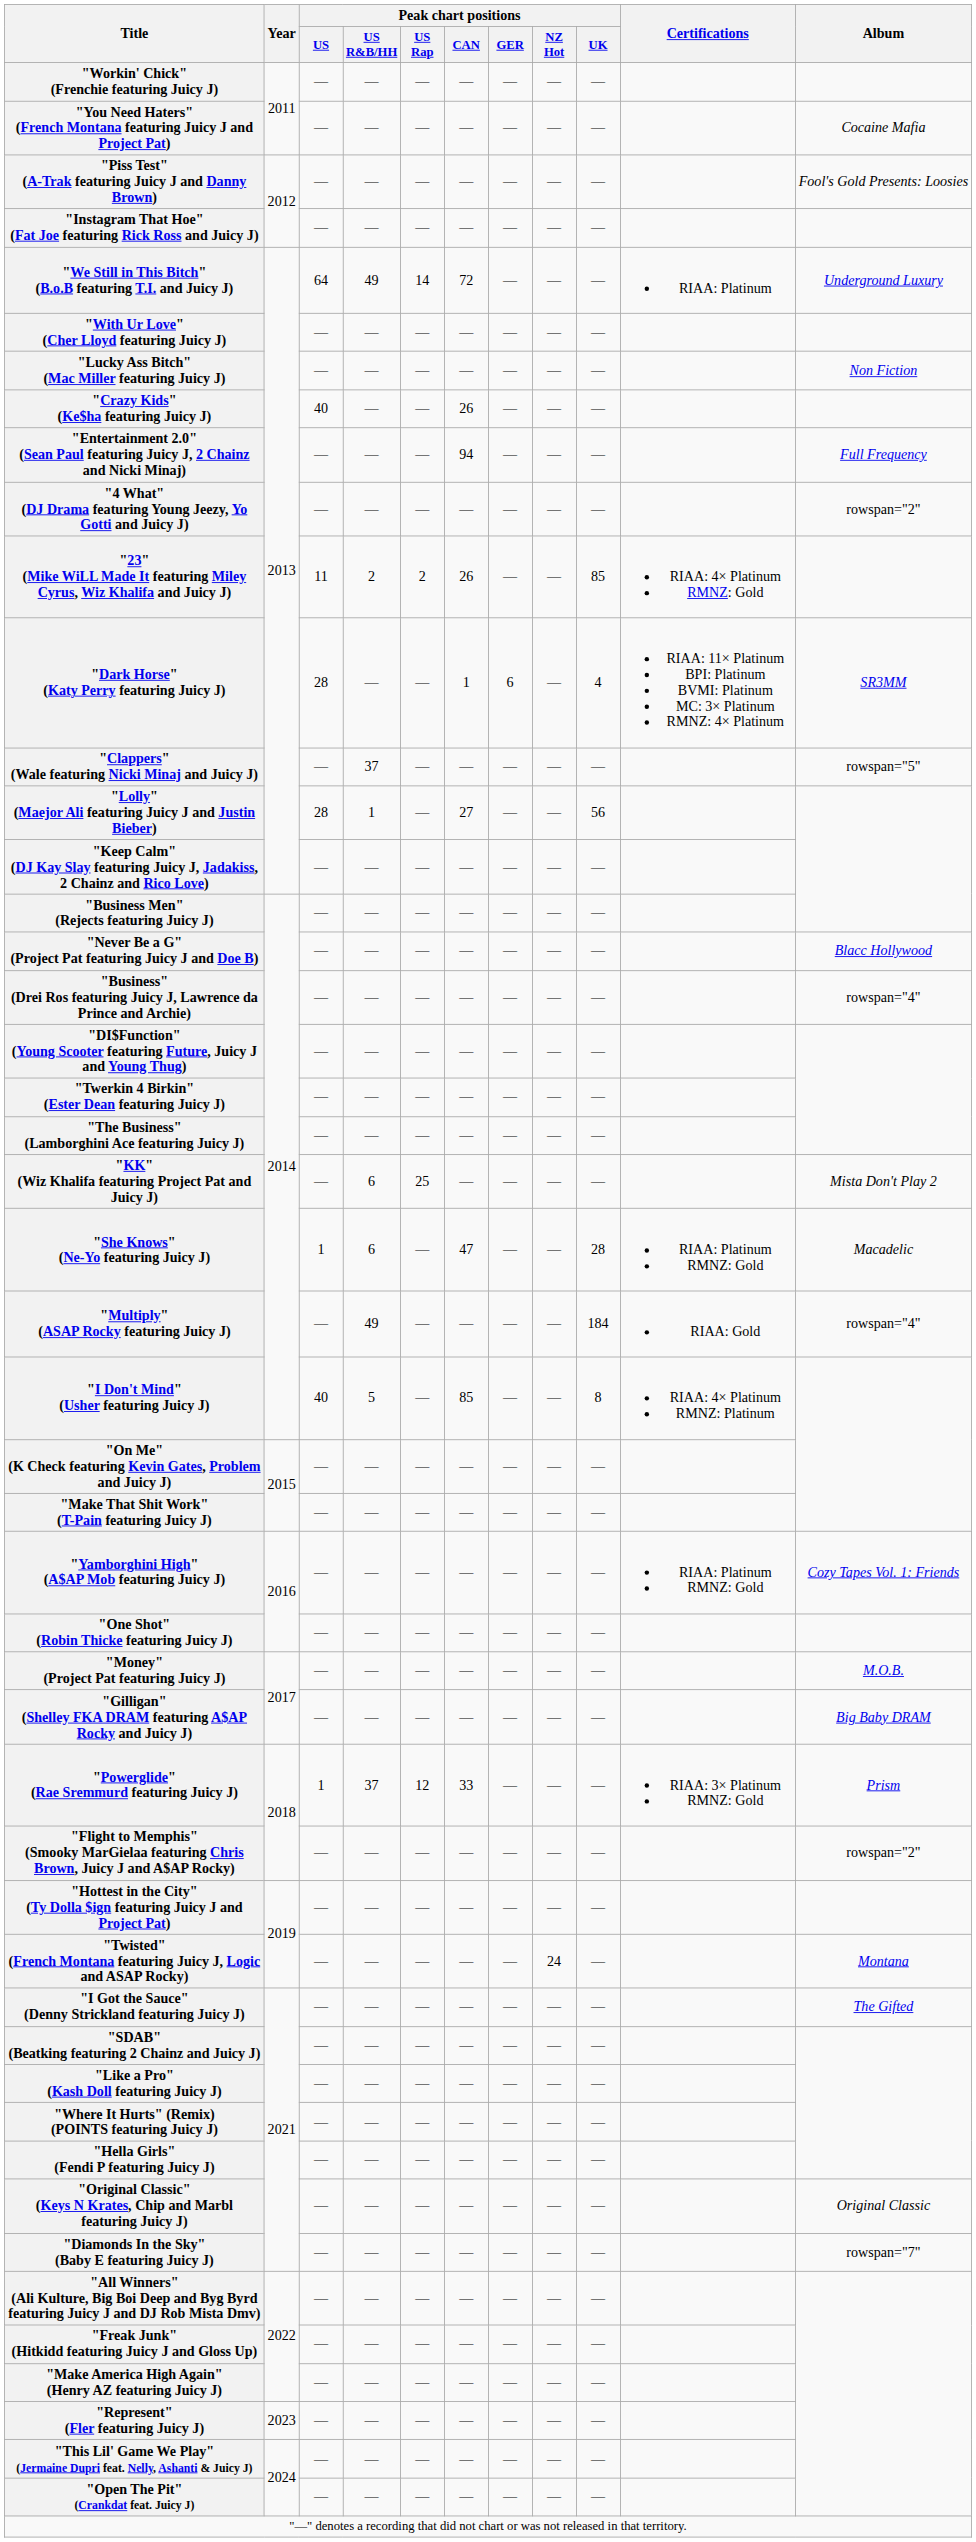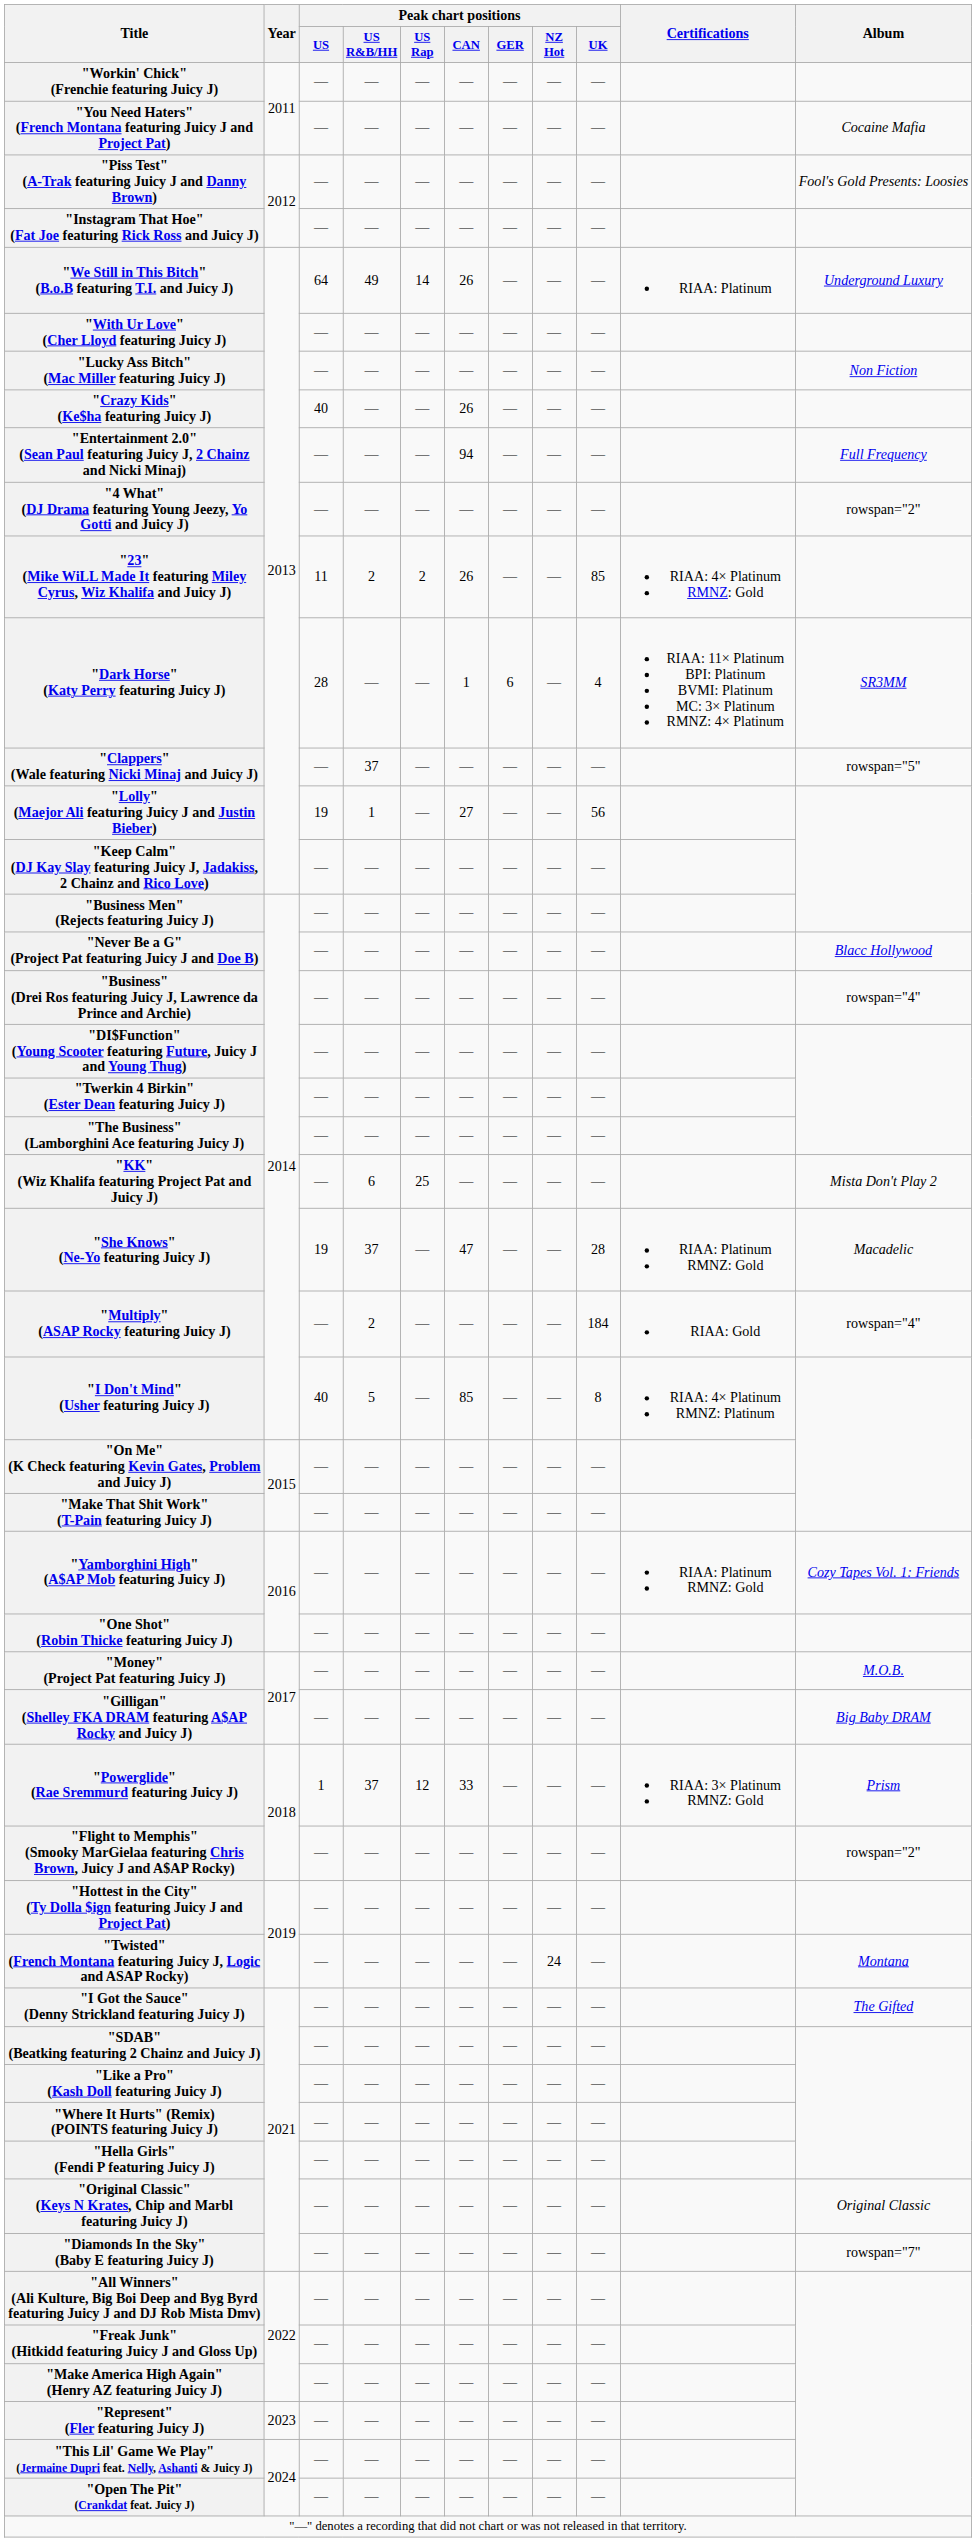 <table class="wikitable plainrowheaders" style="text-align:center;">
 <tr>
 <th scope="col" rowspan="2" style="width:18em;">Title</th>
 <th scope="col" rowspan="2">Year</th>
 <th scope="col" colspan="7">Peak chart positions</th>
 <th scope="col" rowspan="2" style="width:12em;"><a href='#'>Certifications</a></th>
 <th scope="col" rowspan="2">Album</th>
 </tr>
 <tr>
 <th scope="col" style="width:3em;font-size:90%;"><a href='#'>US</a><br></th>
 <th scope="col" style="width:3em;font-size:90%;"><a href='#'>US<br>R&B/HH</a></th>
 <th scope="col" style="width:3em;font-size:90%;"><a href='#'>US<br>Rap</a><br></th>
 <th scope="col" style="width:3em;font-size:90%;"><a href='#'>CAN</a><br></th>
 <th scope="col" style="width:3em;font-size:90%;"><a href='#'>GER</a></th>
 <th scope="col" style="width:3em;font-size:90%;"><a href='#'>NZ<br>Hot</a><br></th>
 <th scope="col" style="width:3em;font-size:90%;"><a href='#'>UK</a></th>
 </tr>
 <tr>
 <th scope="row">"Workin' Chick"<br><span>(Frenchie featuring Juicy J)</span></th>
 <td rowspan="2">2011</td>
 <td>—</td>
 <td>—</td>
 <td>—</td>
 <td>—</td>
 <td>—</td>
 <td>—</td>
 <td>—</td>
 <td></td>
 <td></td>
 </tr>
 <tr>
 <th scope="row">"You Need Haters"<br><span>(<a href='#'>French Montana</a> featuring Juicy J and <a href='#'>Project Pat</a>)</span></th>
 <td>—</td>
 <td>—</td>
 <td>—</td>
 <td>—</td>
 <td>—</td>
 <td>—</td>
 <td>—</td>
 <td></td>
 <td><em>Cocaine Mafia</em></td>
 </tr>
 <tr>
 <th scope="row">"Piss Test"<br><span>(<a href='#'>A-Trak</a> featuring Juicy J and <a href='#'>Danny Brown</a>)</span></th>
 <td rowspan="2">2012</td>
 <td>—</td>
 <td>—</td>
 <td>—</td>
 <td>—</td>
 <td>—</td>
 <td>—</td>
 <td>—</td>
 <td></td>
 <td><em>Fool's Gold Presents: Loosies</em></td>
 </tr>
 <tr>
 <th scope="row">"Instagram That Hoe"<br><span>(<a href='#'>Fat Joe</a> featuring <a href='#'>Rick Ross</a> and Juicy J)</span></th>
 <td>—</td>
 <td>—</td>
 <td>—</td>
 <td>—</td>
 <td>—</td>
 <td>—</td>
 <td>—</td>
 <td></td>
 <td></td>
 </tr>
 <tr>
 <th scope="row">"<a href='#'>We Still in This Bitch</a>"<br><span>(<a href='#'>B.o.B</a> featuring <a href='#'>T.I.</a> and Juicy J)</span></th>
 <td rowspan="11">2013</td>
 <td>64</td>
 <td>49</td>
 <td>14</td>
-<td>72</td>
+<td>26</td>
 <td>—</td>
 <td>—</td>
 <td>—</td>
 <td><br><ul><li>RIAA: Platinum</li></ul></td>
 <td><em><a href='#'>Underground Luxury</a></em></td>
 </tr>
 <tr>
 <th scope="row">"<a href='#'>With Ur Love</a>"<br><span>(<a href='#'>Cher Lloyd</a> featuring Juicy J)</span></th>
 <td>—</td>
 <td>—</td>
 <td>—</td>
 <td>—</td>
 <td>—</td>
 <td>—</td>
 <td>—</td>
 <td></td>
 <td></td>
 </tr>
 <tr>
 <th scope="row">"Lucky Ass Bitch"<br><span>(<a href='#'>Mac Miller</a> featuring Juicy J)</span></th>
 <td>—</td>
 <td>—</td>
 <td>—</td>
 <td>—</td>
 <td>—</td>
 <td>—</td>
 <td>—</td>
 <td></td>
 <td><em><a href='#'>Non Fiction</a></em></td>
 </tr>
 <tr>
 <th scope="row">"<a href='#'>Crazy Kids</a>"<br><span>(<a href='#'>Ke$ha</a> featuring Juicy J)</span></th>
 <td>40</td>
 <td>—</td>
 <td>—</td>
 <td>26</td>
 <td>—</td>
 <td>—</td>
 <td>—</td>
 <td></td>
 <td></td>
 </tr>
 <tr>
 <th scope="row">"Entertainment 2.0"<br><span>(<a href='#'>Sean Paul</a> featuring Juicy J, <a href='#'>2 Chainz</a> and Nicki Minaj)</span></th>
 <td>—</td>
 <td>—</td>
 <td>—</td>
 <td>94</td>
 <td>—</td>
 <td>—</td>
 <td>—</td>
 <td></td>
 <td><em><a href='#'>Full Frequency</a></em></td>
 </tr>
 <tr>
 <th scope="row">"4 What"<br><span>(<a href='#'>DJ Drama</a> featuring Young Jeezy, <a href='#'>Yo Gotti</a> and Juicy J)</span></th>
 <td>—</td>
 <td>—</td>
 <td>—</td>
 <td>—</td>
 <td>—</td>
 <td>—</td>
 <td>—</td>
 <td></td>
 <td>rowspan="2" </td>
 </tr>
 <tr>
 <th scope="row">"<a href='#'>23</a>"<br><span>(<a href='#'>Mike WiLL Made It</a> featuring <a href='#'>Miley Cyrus</a>, <a href='#'>Wiz Khalifa</a> and Juicy J)</span></th>
 <td>11</td>
 <td>2</td>
 <td>2</td>
 <td>26</td>
 <td>—</td>
 <td>—</td>
 <td>85</td>
 <td><br><ul><li>RIAA: 4× Platinum</li><li><a href='#'>RMNZ</a>: Gold</li></ul></td>
 </tr>
 <tr>
 <th scope="row">"<a href='#'>Dark Horse</a>"<br><span>(<a href='#'>Katy Perry</a> featuring Juicy J)</span></th>
 <td>28</td>
 <td>—</td>
 <td>—</td>
 <td>1</td>
 <td>6</td>
 <td>—</td>
 <td>4</td>
 <td><br><ul><li>RIAA: 11× Platinum</li><li>BPI: Platinum</li><li>BVMI: Platinum</li><li>MC: 3× Platinum</li><li>RMNZ: 4× Platinum</li></ul></td>
 <td><em><a href='#'>SR3MM</a></em></td>
 </tr>
 <tr>
 <th scope="row">"<a href='#'>Clappers</a>"<br><span>(Wale featuring <a href='#'>Nicki Minaj</a> and Juicy J)</span></th>
 <td>—</td>
 <td>37</td>
 <td>—</td>
 <td>—</td>
 <td>—</td>
 <td>—</td>
 <td>—</td>
 <td></td>
 <td>rowspan="5" </td>
 </tr>
 <tr>
 <th scope="row">"<a href='#'>Lolly</a>"<br><span>(<a href='#'>Maejor Ali</a> featuring Juicy J and <a href='#'>Justin Bieber</a>)</span></th>
-<td>28</td>
+<td>19</td>
 <td>1</td>
 <td>—</td>
 <td>27</td>
 <td>—</td>
 <td>—</td>
 <td>56</td>
 <td></td>
 <td rowspan="3"></td>
 </tr>
 <tr>
 <th scope="row">"Keep Calm"<br><span>(<a href='#'>DJ Kay Slay</a> featuring Juicy J, <a href='#'>Jadakiss</a>, 2 Chainz and <a href='#'>Rico Love</a>)</span></th>
 <td>—</td>
 <td>—</td>
 <td>—</td>
 <td>—</td>
 <td>—</td>
 <td>—</td>
 <td>—</td>
 <td></td>
 </tr>
 <tr>
 <th scope="row">"Business Men"<br><span>(Rejects featuring Juicy J)</span></th>
 <td rowspan="10">2014</td>
 <td>—</td>
 <td>—</td>
 <td>—</td>
 <td>—</td>
 <td>—</td>
 <td>—</td>
 <td>—</td>
 <td></td>
 </tr>
 <tr>
 <th scope="row">"Never Be a G"<br><span>(Project Pat featuring Juicy J and <a href='#'>Doe B</a>)</span></th>
 <td>—</td>
 <td>—</td>
 <td>—</td>
 <td>—</td>
 <td>—</td>
 <td>—</td>
 <td>—</td>
 <td></td>
 <td><em><a href='#'>Blacc Hollywood</a></em></td>
 </tr>
 <tr>
 <th scope="row">"Business"<br><span>(Drei Ros featuring Juicy J, Lawrence da Prince and Archie)</span></th>
 <td>—</td>
 <td>—</td>
 <td>—</td>
 <td>—</td>
 <td>—</td>
 <td>—</td>
 <td>—</td>
 <td></td>
 <td>rowspan="4" </td>
 </tr>
 <tr>
 <th scope="row">"DI$Function"<br><span>(<a href='#'>Young Scooter</a> featuring <a href='#'>Future</a>, Juicy J and <a href='#'>Young Thug</a>)</span></th>
 <td>—</td>
 <td>—</td>
 <td>—</td>
 <td>—</td>
 <td>—</td>
 <td>—</td>
 <td>—</td>
 <td></td>
 </tr>
 <tr>
 <th scope="row">"Twerkin 4 Birkin"<br><span>(<a href='#'>Ester Dean</a> featuring Juicy J)</span></th>
 <td>—</td>
 <td>—</td>
 <td>—</td>
 <td>—</td>
 <td>—</td>
 <td>—</td>
 <td>—</td>
 <td></td>
 </tr>
 <tr>
 <th scope="row">"The Business"<br><span>(Lamborghini Ace featuring Juicy J)</span></th>
 <td>—</td>
 <td>—</td>
 <td>—</td>
 <td>—</td>
 <td>—</td>
 <td>—</td>
 <td>—</td>
 <td></td>
 </tr>
 <tr>
 <th scope="row">"<a href='#'>KK</a>"<br><span>(Wiz Khalifa featuring Project Pat and Juicy J)</span></th>
 <td>—</td>
 <td>6</td>
 <td>25</td>
 <td>—</td>
 <td>—</td>
 <td>—</td>
 <td>—</td>
 <td></td>
 <td><em>Mista Don't Play 2</em></td>
 </tr>
 <tr>
 <th scope="row">"<a href='#'>She Knows</a>"<br><span>(<a href='#'>Ne-Yo</a> featuring Juicy J)</span></th>
-<td>1</td>
-<td>6</td>
+<td>19</td>
+<td>37</td>
 <td>—</td>
 <td>47</td>
 <td>—</td>
 <td>—</td>
 <td>28</td>
 <td><br><ul><li>RIAA: Platinum</li><li>RMNZ: Gold</li></ul></td>
 <td><em>Macadelic</em></td>
 </tr>
 <tr>
 <th scope="row">"<a href='#'>Multiply</a>"<br><span>(<a href='#'>ASAP Rocky</a> featuring Juicy J)</span></th>
 <td>—</td>
-<td>49</td>
+<td>2</td>
 <td>—</td>
 <td>—</td>
 <td>—</td>
 <td>—</td>
 <td>184</td>
 <td><br><ul><li>RIAA: Gold</li></ul></td>
 <td>rowspan="4" </td>
 </tr>
 <tr>
 <th scope="row">"<a href='#'>I Don't Mind</a>"<br><span>(<a href='#'>Usher</a> featuring Juicy J)</span></th>
 <td>40</td>
 <td>5</td>
 <td>—</td>
 <td>85</td>
 <td>—</td>
 <td>—</td>
 <td>8</td>
 <td><br><ul><li>RIAA: 4× Platinum</li><li>RMNZ: Platinum</li></ul></td>
 </tr>
 <tr>
 <th scope="row">"On Me"<br><span>(K Check featuring <a href='#'>Kevin Gates</a>, <a href='#'>Problem</a> and Juicy J)</span></th>
 <td rowspan="2">2015</td>
 <td>—</td>
 <td>—</td>
 <td>—</td>
 <td>—</td>
 <td>—</td>
 <td>—</td>
 <td>—</td>
 <td></td>
 </tr>
 <tr>
 <th scope="row">"Make That Shit Work"<br><span>(<a href='#'>T-Pain</a> featuring Juicy J)</span></th>
 <td>—</td>
 <td>—</td>
 <td>—</td>
 <td>—</td>
 <td>—</td>
 <td>—</td>
 <td>—</td>
 <td></td>
 </tr>
 <tr>
 <th scope="row">"<a href='#'>Yamborghini High</a>"<br><span>(<a href='#'>A$AP Mob</a> featuring Juicy J)</span></th>
 <td rowspan="2">2016</td>
 <td>—</td>
 <td>—</td>
 <td>—</td>
 <td>—</td>
 <td>—</td>
 <td>—</td>
 <td>—</td>
 <td><br><ul><li>RIAA: Platinum</li><li>RMNZ: Gold</li></ul></td>
 <td><em><a href='#'>Cozy Tapes Vol. 1: Friends</a></em></td>
 </tr>
 <tr>
 <th scope="row">"One Shot"<br><span>(<a href='#'>Robin Thicke</a> featuring Juicy J)</span></th>
 <td>—</td>
 <td>—</td>
 <td>—</td>
 <td>—</td>
 <td>—</td>
 <td>—</td>
 <td>—</td>
 <td></td>
 <td></td>
 </tr>
 <tr>
 <th scope="row">"Money"<br><span>(Project Pat featuring Juicy J)</span></th>
 <td rowspan="2">2017</td>
 <td>—</td>
 <td>—</td>
 <td>—</td>
 <td>—</td>
 <td>—</td>
 <td>—</td>
 <td>—</td>
 <td></td>
 <td><em><a href='#'>M.O.B.</a></em></td>
 </tr>
 <tr>
 <th scope="row">"Gilligan"<br><span>(<a href='#'>Shelley FKA DRAM</a> featuring <a href='#'>A$AP Rocky</a> and Juicy J)</span></th>
 <td>—</td>
 <td>—</td>
 <td>—</td>
 <td>—</td>
 <td>—</td>
 <td>—</td>
 <td>—</td>
 <td></td>
 <td><em><a href='#'>Big Baby DRAM</a></em></td>
 </tr>
 <tr>
 <th scope="row">"<a href='#'>Powerglide</a>"<br><span>(<a href='#'>Rae Sremmurd</a> featuring Juicy J)</span></th>
 <td rowspan="2">2018</td>
 <td>1</td>
 <td>37</td>
 <td>12</td>
 <td>33</td>
 <td>—</td>
 <td>—</td>
 <td>—</td>
 <td><br><ul><li>RIAA: 3× Platinum</li><li>RMNZ: Gold</li></ul></td>
 <td><em><a href='#'>Prism</a></em></td>
 </tr>
 <tr>
 <th scope="row">"Flight to Memphis"<br><span>(Smooky MarGielaa featuring <a href='#'>Chris Brown</a>, Juicy J and A$AP Rocky)</span></th>
 <td>—</td>
 <td>—</td>
 <td>—</td>
 <td>—</td>
 <td>—</td>
 <td>—</td>
 <td>—</td>
 <td></td>
 <td>rowspan="2" </td>
 </tr>
 <tr>
 <th scope="row">"Hottest in the City"<br><span>(<a href='#'>Ty Dolla $ign</a> featuring Juicy J and <a href='#'>Project Pat</a>)</span></th>
 <td rowspan="2">2019</td>
 <td>—</td>
 <td>—</td>
 <td>—</td>
 <td>—</td>
 <td>—</td>
 <td>—</td>
 <td>—</td>
 <td></td>
 </tr>
 <tr>
 <th scope="row">"Twisted"<br><span>(<a href='#'>French Montana</a> featuring Juicy J, <a href='#'>Logic</a> and ASAP Rocky)</span></th>
 <td>—</td>
 <td>—</td>
 <td>—</td>
 <td>—</td>
 <td>—</td>
 <td>24</td>
 <td>—</td>
 <td></td>
 <td><em><a href='#'>Montana</a></em></td>
 </tr>
 <tr>
 <th scope="row">"I Got the Sauce"<br><span>(Denny Strickland featuring Juicy J)</span></th>
 <td rowspan="7">2021</td>
 <td>—</td>
 <td>—</td>
 <td>—</td>
 <td>—</td>
 <td>—</td>
 <td>—</td>
 <td>—</td>
 <td></td>
 <td><em><a href='#'>The Gifted</a></em></td>
 </tr>
 <tr>
 <th scope="row">"SDAB"<br><span>(Beatking featuring 2 Chainz and Juicy J)</span></th>
 <td>—</td>
 <td>—</td>
 <td>—</td>
 <td>—</td>
 <td>—</td>
 <td>—</td>
 <td>—</td>
 <td></td>
 </tr>
 <tr>
 <th scope="row">"Like a Pro"<br><span>(<a href='#'>Kash Doll</a> featuring Juicy J)</span></th>
 <td>—</td>
 <td>—</td>
 <td>—</td>
 <td>—</td>
 <td>—</td>
 <td>—</td>
 <td>—</td>
 <td></td>
 </tr>
 <tr>
 <th scope="row">"Where It Hurts" (Remix)<br><span>(POINTS featuring Juicy J)</span></th>
 <td>—</td>
 <td>—</td>
 <td>—</td>
 <td>—</td>
 <td>—</td>
 <td>—</td>
 <td>—</td>
 <td></td>
 </tr>
 <tr>
 <th scope="row">"Hella Girls"<br><span>(Fendi P featuring Juicy J)</span></th>
 <td>—</td>
 <td>—</td>
 <td>—</td>
 <td>—</td>
 <td>—</td>
 <td>—</td>
 <td>—</td>
 <td></td>
 </tr>
 <tr>
 <th scope="row">"Original Classic"<br><span>(<a href='#'>Keys N Krates</a>, Chip and Marbl featuring Juicy J)</span></th>
 <td>—</td>
 <td>—</td>
 <td>—</td>
 <td>—</td>
 <td>—</td>
 <td>—</td>
 <td>—</td>
 <td></td>
 <td><em>Original Classic</em></td>
 </tr>
 <tr>
 <th scope="row">"Diamonds In the Sky"<br><span>(Baby E featuring Juicy J)</span></th>
 <td>—</td>
 <td>—</td>
 <td>—</td>
 <td>—</td>
 <td>—</td>
 <td>—</td>
 <td>—</td>
 <td></td>
 <td>rowspan="7" </td>
 </tr>
 <tr>
 <th scope="row">"All Winners"<br><span>(Ali Kulture, Big Boi Deep and Byg Byrd featuring Juicy J and DJ Rob Mista Dmv)</span></th>
 <td rowspan="3">2022</td>
 <td>—</td>
 <td>—</td>
 <td>—</td>
 <td>—</td>
 <td>—</td>
 <td>—</td>
 <td>—</td>
 <td></td>
 </tr>
 <tr>
 <th scope="row">"Freak Junk"<br><span>(Hitkidd featuring Juicy J and Gloss Up)</span></th>
 <td>—</td>
 <td>—</td>
 <td>—</td>
 <td>—</td>
 <td>—</td>
 <td>—</td>
 <td>—</td>
 <td></td>
 </tr>
 <tr>
 <th scope="row">"Make America High Again"<br><span>(Henry AZ featuring Juicy J)</span></th>
 <td>—</td>
 <td>—</td>
 <td>—</td>
 <td>—</td>
 <td>—</td>
 <td>—</td>
 <td>—</td>
 <td></td>
 </tr>
 <tr>
 <th scope="row">"Represent"<br><span>(<a href='#'>Fler</a> featuring Juicy J)</span></th>
 <td>2023</td>
 <td>—</td>
 <td>—</td>
 <td>—</td>
 <td>—</td>
 <td>—</td>
 <td>—</td>
 <td>—</td>
 <td></td>
 </tr>
 <tr>
 <th scope="row">"This Lil' Game We Play" <br><small>(<a href='#'>Jermaine Dupri</a> feat. <a href='#'>Nelly</a>, <a href='#'>Ashanti</a> & Juicy J)</small></th>
 <td rowspan="2">2024</td>
 <td>—</td>
 <td>—</td>
 <td>—</td>
 <td>—</td>
 <td>—</td>
 <td>—</td>
 <td>—</td>
 <td></td>
 </tr>
 <tr>
 <th scope="row">"Open The Pit" <br><small>(<a href='#'>Crankdat</a> feat. Juicy J)</small></th>
 <td>—</td>
 <td>—</td>
 <td>—</td>
 <td>—</td>
 <td>—</td>
 <td>—</td>
 <td>—</td>
 <td></td>
 </tr>
 <tr>
 <td colspan="15" style="font-size:90%">"—" denotes a recording that did not chart or was not released in that territory.</td>
 </tr>
 </table>
